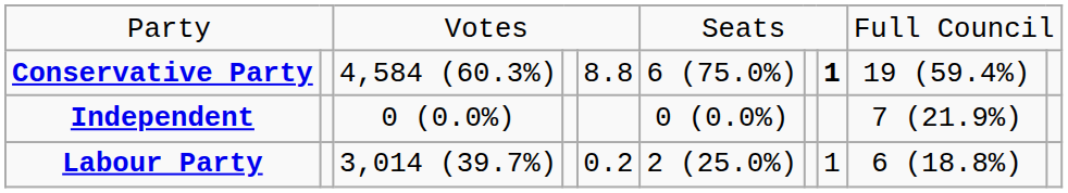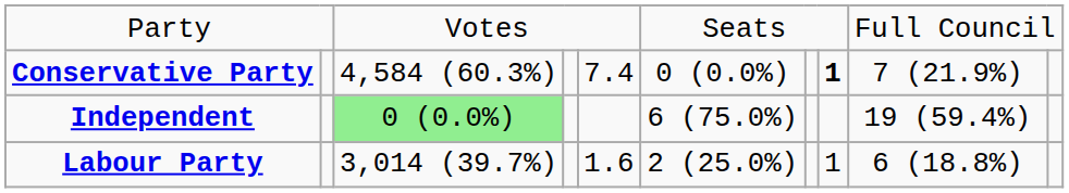 <table class=wikitable style="text-align:center;">
 <tr>
 <td colspan=2>Party</td>
 <td colspan=3>Votes</td>
 <td colspan=3>Seats</td>
 <td colspan=3>Full Council</td>
 </tr>
 <tr>
 <td><strong><a href='#'>Conservative Party</a></strong></td>
 <td style="background:"></td>
 <td>4,584 (60.3%)</td>
 <td></td>
-<td> 8.8</td>
-<td>6 (75.0%)</td>
+<td> 7.4</td>
+<td>0 (0.0%)</td>
 <td></td>
 <td><strong> 1</strong></td>
-<td>19 (59.4%)</td>
+<td>7 (21.9%)</td>
 <td></td>
 </tr>
 <tr>
 <td><strong><a href='#'>Independent</a></strong></td>
 <td style="background:"></td>
-<td>0 (0.0%)</td>
+<td style="background: lightgreen;">0 (0.0%)</td>
 <td></td>
 <td></td>
-<td>0 (0.0%)</td>
+<td>6 (75.0%)</td>
 <td></td>
 <td></td>
-<td>7 (21.9%)</td>
+<td>19 (59.4%)</td>
 <td></td>
 </tr>
 <tr>
 <td><strong><a href='#'>Labour Party</a></strong></td>
 <td style="background:"></td>
 <td>3,014 (39.7%)</td>
 <td></td>
-<td> 0.2</td>
+<td> 1.6</td>
 <td>2 (25.0%)</td>
 <td></td>
 <td> 1</td>
 <td>6 (18.8%)</td>
 <td></td>
 </tr>
 </table>
